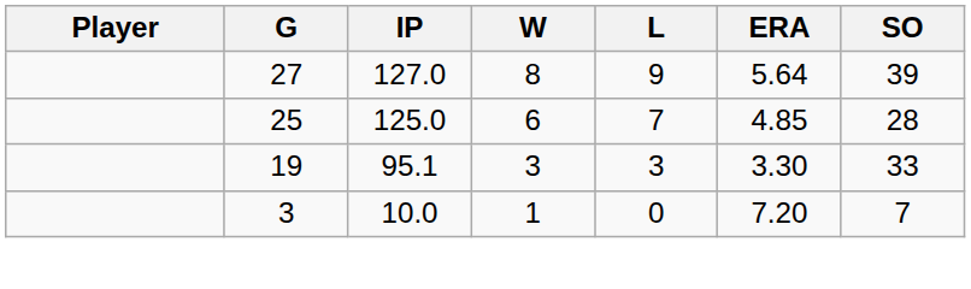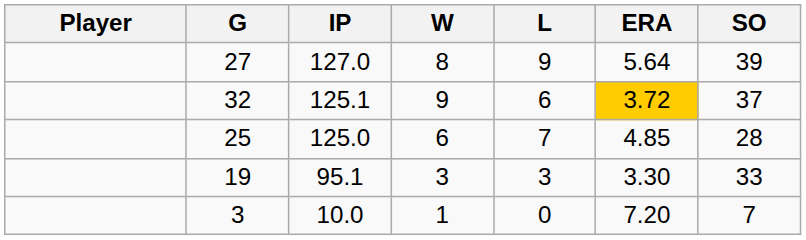 <table class="wikitable sortable">
 <tr>
 <th bgcolor="#DDDDFF" width="16%">Player</th>
 <th bgcolor="#DDDDFF" width="9%">G</th>
 <th bgcolor="#DDDDFF" width="9%">IP</th>
 <th bgcolor="#DDDDFF" width="9%">W</th>
 <th bgcolor="#DDDDFF" width="9%">L</th>
 <th bgcolor="#DDDDFF" width="9%">ERA</th>
 <th bgcolor="#DDDDFF" width="9%">SO</th>
 </tr>
 <tr align="center">
 <td></td>
 <td>27</td>
 <td>127.0</td>
 <td>8</td>
 <td>9</td>
 <td>5.64</td>
 <td>39</td>
+</tr>
+<tr align="center">
+<td></td>
+<td>32</td>
+<td>125.1</td>
+<td>9</td>
+<td>6</td>
+<td style="background:#fc0;">3.72</td>
+<td>37</td>
 </tr>
 <tr align=center>
 <td></td>
 <td>25</td>
 <td>125.0</td>
 <td>6</td>
 <td>7</td>
 <td>4.85</td>
 <td>28</td>
 </tr>
 <tr align="center">
 <td></td>
 <td>19</td>
 <td>95.1</td>
 <td>3</td>
 <td>3</td>
 <td>3.30</td>
 <td>33</td>
 </tr>
 <tr align="center">
 <td></td>
 <td>3</td>
 <td>10.0</td>
 <td>1</td>
 <td>0</td>
 <td>7.20</td>
 <td>7</td>
 </tr>
 </table>
